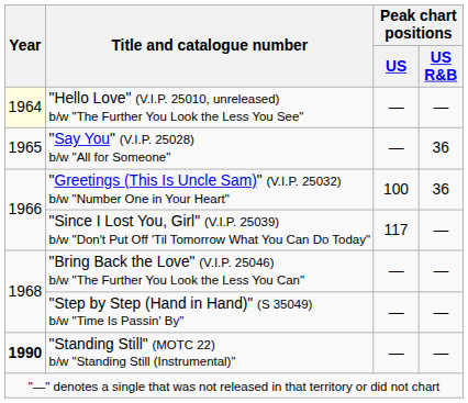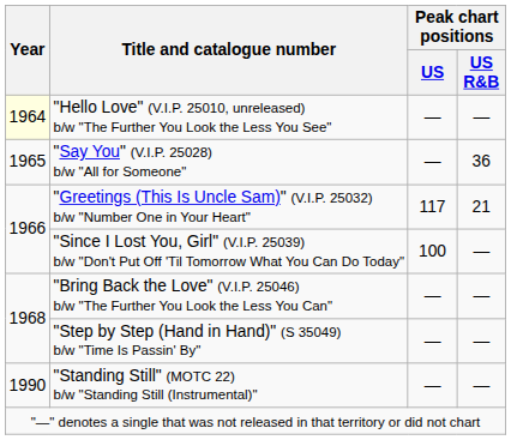 <table class="wikitable">
 <tr>
 <th rowspan="2">Year</th>
 <th rowspan="2">Title and catalogue number</th>
 <th colspan="2">Peak chart positions</th>
 </tr>
 <tr>
 <th width=40><a href='#'>US</a><br></th>
 <th width=40><a href='#'>US R&B</a><br></th>
 </tr>
 <tr>
 <td style="background: lightyellow;">1964</td>
 <td>"Hello Love" <small>(V.I.P. 25010, unreleased)</small><br><small>b/w "The Further You Look the Less You See"</small></td>
 <td style="text-align:center;">—</td>
 <td style="text-align:center;">—</td>
 </tr>
 <tr>
 <td>1965</td>
 <td>"<a href='#'>Say You</a>" <small>(V.I.P. 25028)</small><br><small>b/w "All for Someone"</small></td>
 <td style="text-align:center;">—</td>
 <td style="text-align:center;">36</td>
 </tr>
 <tr>
 <td rowspan="2">1966</td>
 <td>"<a href='#'>Greetings (This Is Uncle Sam)</a>" <small>(V.I.P. 25032)</small><br><small>b/w "Number One in Your Heart"</small></td>
-<td style="text-align:center;">100</td>
-<td style="text-align:center;">36</td>
+<td style="text-align:center;">117</td>
+<td style="text-align:center;">21</td>
 </tr>
 <tr>
 <td>"Since I Lost You, Girl" <small>(V.I.P. 25039)</small><br><small>b/w "Don't Put Off 'Til Tomorrow What You Can Do Today"</small></td>
-<td style="text-align:center;">117</td>
+<td style="text-align:center;">100</td>
 <td style="text-align:center;">—</td>
 </tr>
 <tr>
 <td rowspan="2">1968</td>
 <td>"Bring Back the Love" <small>(V.I.P. 25046)</small><br><small>b/w "The Further You Look the Less You Can"</small></td>
 <td style="text-align:center;">—</td>
 <td style="text-align:center;">—</td>
 </tr>
 <tr>
 <td>"Step by Step (Hand in Hand)" <small>(S 35049)</small><br><small>b/w "Time Is Passin' By"</small></td>
 <td style="text-align:center;">—</td>
 <td style="text-align:center;">—</td>
 </tr>
 <tr>
-<td><strong>1990</strong></td>
+<td>1990</td>
 <td>"Standing Still" <small>(MOTC 22)</small><br><small>b/w "Standing Still (Instrumental)"</small></td>
 <td style="text-align:center;">—</td>
 <td style="text-align:center;">—</td>
 </tr>
 <tr>
 <td colspan="4" style="text-align:center;"><small>"—" denotes a single that was not released in that territory or did not chart</small></td>
 </tr>
 </table>
